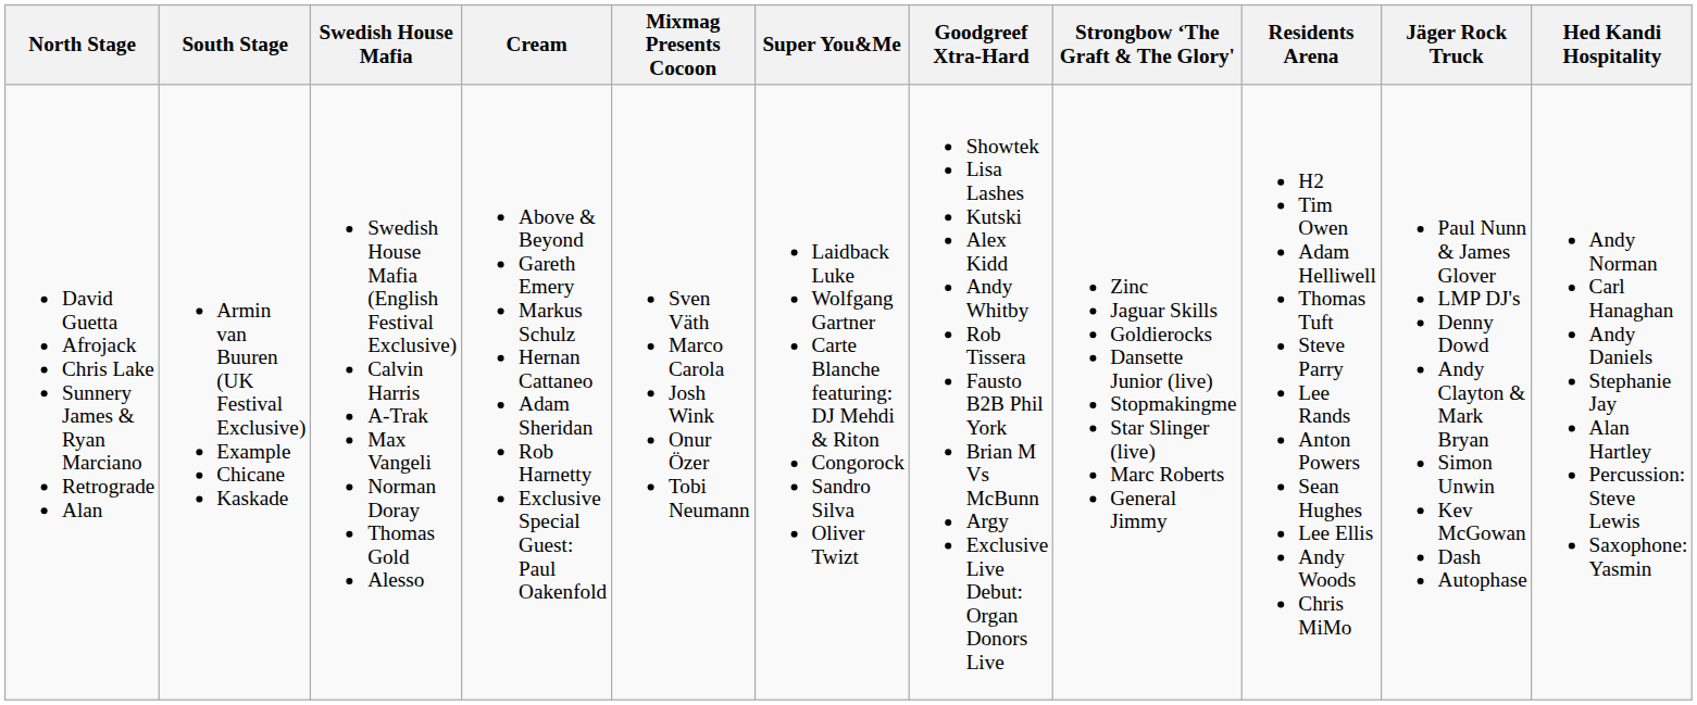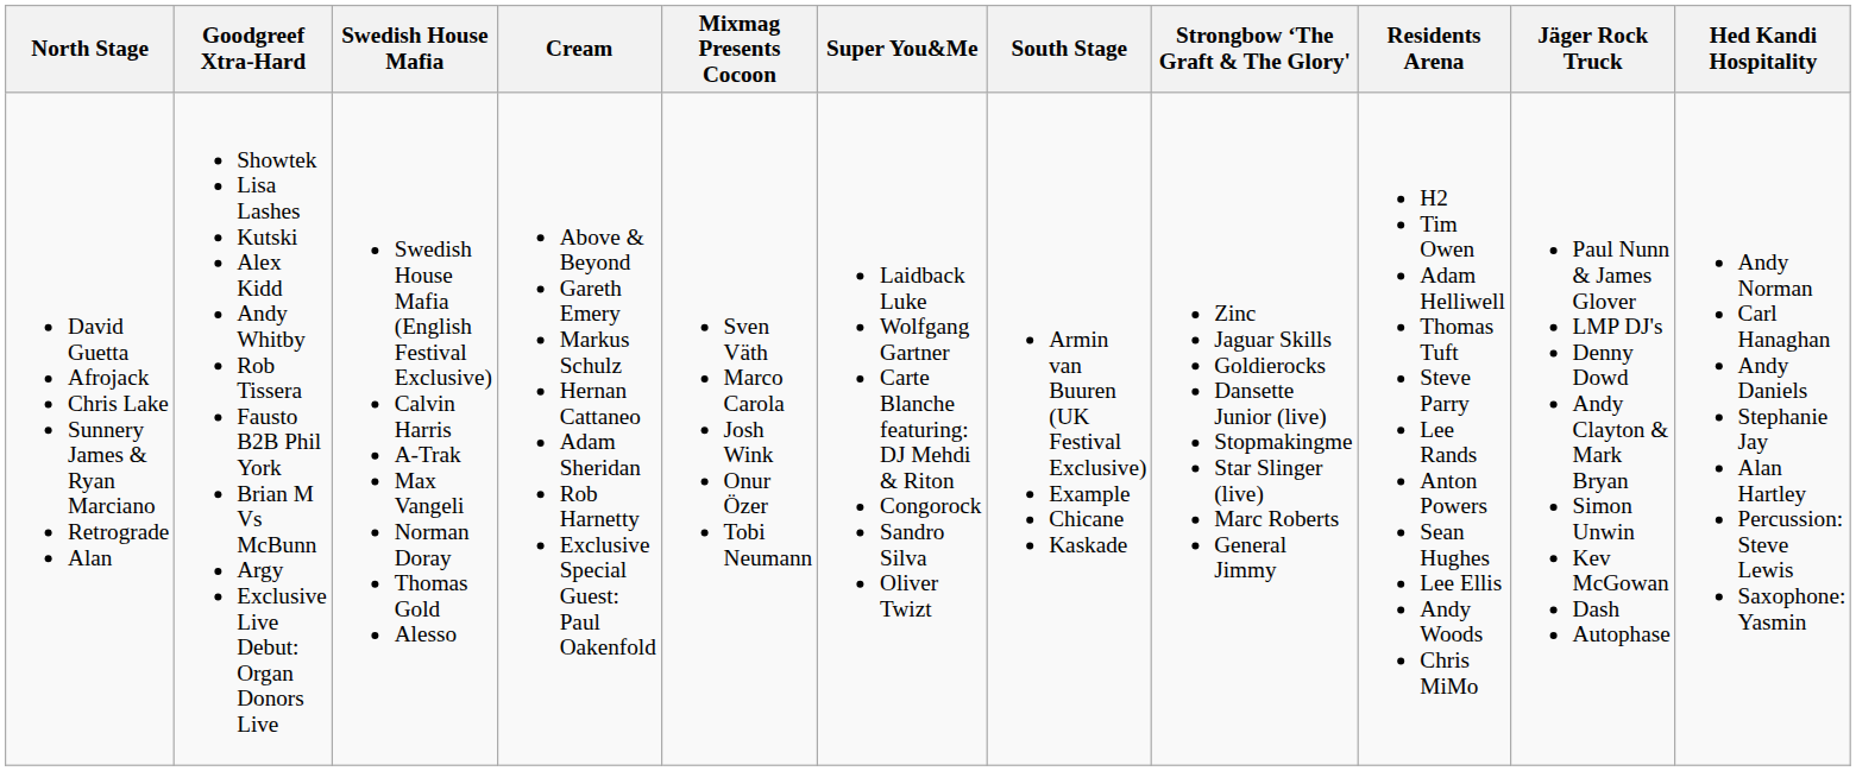 <table class="wikitable">
 <tr>
 <th>North Stage</th>
-<th>South Stage</th>
+<th>Goodgreef Xtra-Hard</th>
 <th>Swedish House Mafia</th>
 <th>Cream</th>
 <th>Mixmag Presents Cocoon</th>
 <th>Super You&Me</th>
-<th>Goodgreef Xtra-Hard</th>
+<th>South Stage</th>
 <th>Strongbow ‘The Graft & The Glory'</th>
 <th>Residents Arena</th>
 <th>Jäger Rock Truck</th>
 <th>Hed Kandi Hospitality</th>
 </tr>
 <tr>
 <td><br><ul><li>David Guetta</li><li>Afrojack</li><li>Chris Lake</li><li>Sunnery James & Ryan Marciano</li><li>Retrograde</li><li>Alan</li></ul></td>
-<td><br><ul><li>Armin van Buuren (UK Festival Exclusive)</li><li>Example</li><li>Chicane</li><li>Kaskade</li></ul></td>
+<td><br><ul><li>Showtek</li><li>Lisa Lashes</li><li>Kutski</li><li>Alex Kidd</li><li>Andy Whitby</li><li>Rob Tissera</li><li>Fausto B2B Phil York</li><li>Brian M Vs McBunn</li><li>Argy</li><li>Exclusive Live Debut: Organ Donors Live</li></ul></td>
 <td><br><ul><li>Swedish House Mafia (English Festival Exclusive)</li><li>Calvin Harris</li><li>A-Trak</li><li>Max Vangeli</li><li>Norman Doray</li><li>Thomas Gold</li><li>Alesso</li></ul></td>
 <td><br><ul><li>Above & Beyond</li><li>Gareth Emery</li><li>Markus Schulz</li><li>Hernan Cattaneo</li><li>Adam Sheridan</li><li>Rob Harnetty</li><li>Exclusive Special Guest: Paul Oakenfold</li></ul></td>
 <td><br><ul><li>Sven Väth</li><li>Marco Carola</li><li>Josh Wink</li><li>Onur Özer</li><li>Tobi Neumann</li></ul></td>
 <td><br><ul><li>Laidback Luke</li><li>Wolfgang Gartner</li><li>Carte Blanche featuring: DJ Mehdi & Riton</li><li>Congorock</li><li>Sandro Silva</li><li>Oliver Twizt</li></ul></td>
-<td><br><ul><li>Showtek</li><li>Lisa Lashes</li><li>Kutski</li><li>Alex Kidd</li><li>Andy Whitby</li><li>Rob Tissera</li><li>Fausto B2B Phil York</li><li>Brian M Vs McBunn</li><li>Argy</li><li>Exclusive Live Debut: Organ Donors Live</li></ul></td>
+<td><br><ul><li>Armin van Buuren (UK Festival Exclusive)</li><li>Example</li><li>Chicane</li><li>Kaskade</li></ul></td>
 <td><br><ul><li>Zinc</li><li>Jaguar Skills</li><li>Goldierocks</li><li>Dansette Junior (live)</li><li>Stopmakingme</li><li>Star Slinger (live)</li><li>Marc Roberts</li><li>General Jimmy</li></ul></td>
 <td><br><ul><li>H2</li><li>Tim Owen</li><li>Adam Helliwell</li><li>Thomas Tuft</li><li>Steve Parry</li><li>Lee Rands</li><li>Anton Powers</li><li>Sean Hughes</li><li>Lee Ellis</li><li>Andy Woods</li><li>Chris MiMo</li></ul></td>
 <td><br><ul><li>Paul Nunn & James Glover</li><li>LMP DJ's</li><li>Denny Dowd</li><li>Andy Clayton & Mark Bryan</li><li>Simon Unwin</li><li>Kev McGowan</li><li>Dash</li><li>Autophase</li></ul></td>
 <td><br><ul><li>Andy Norman</li><li>Carl Hanaghan</li><li>Andy Daniels</li><li>Stephanie Jay</li><li>Alan Hartley</li><li>Percussion: Steve Lewis</li><li>Saxophone: Yasmin</li></ul></td>
 </tr>
 </table>
